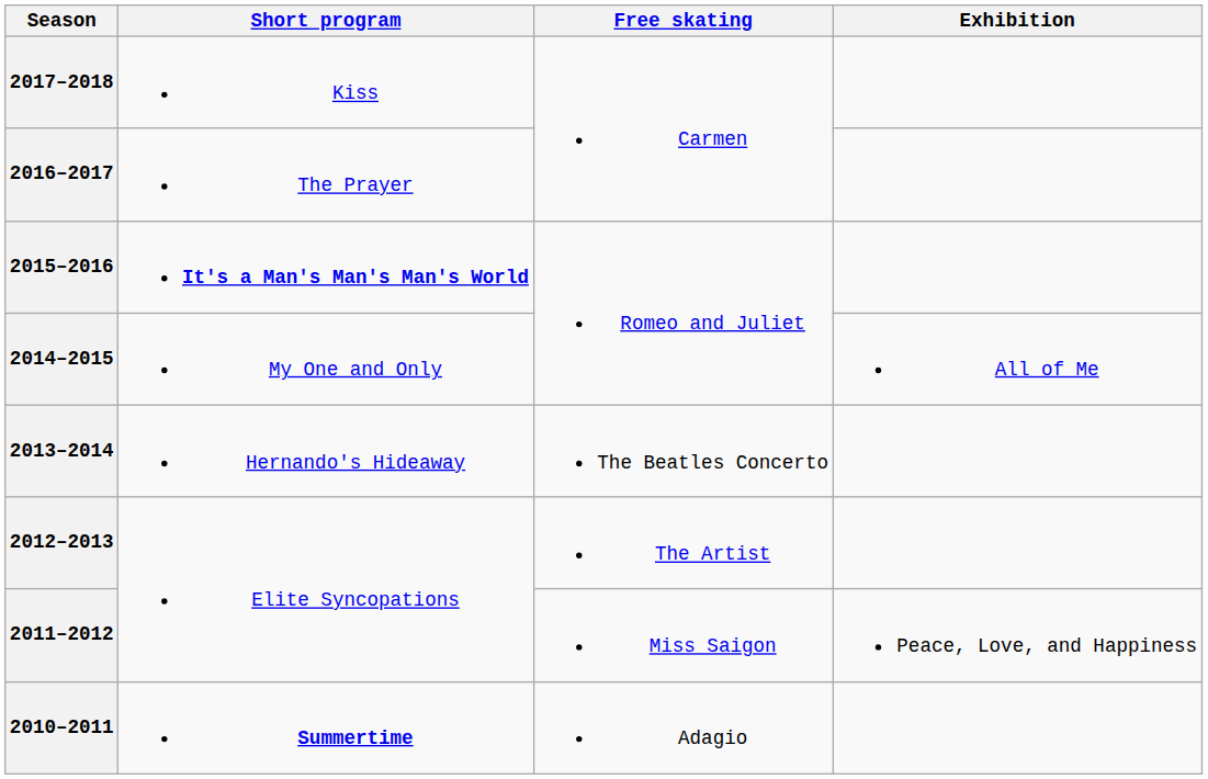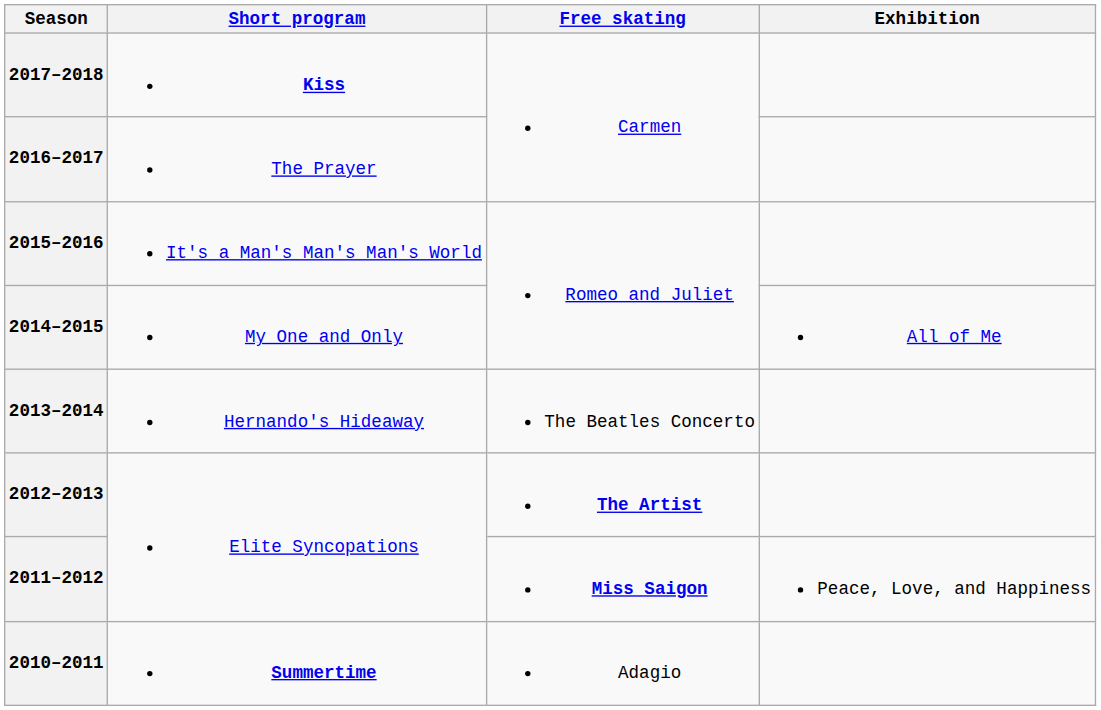 <table class=wikitable style=text-align:center>
 <tr>
 <th>Season</th>
 <th><a href='#'>Short program</a></th>
 <th><a href='#'>Free skating</a></th>
 <th>Exhibition</th>
 </tr>
 <tr>
 <th>2017–2018 <br> </th>
-<td><br><ul><li><a href='#'>Kiss</a> <br></li></ul></td>
+<td><strong><br><ul><li><a href='#'>Kiss</a> <br></li></ul></strong></td>
 <td rowspan=2><br><ul><li><a href='#'>Carmen</a> <br></li></ul></td>
 <td></td>
 </tr>
 <tr>
 <th>2016–2017 <br> </th>
 <td><br><ul><li><a href='#'>The Prayer</a> <br></li></ul></td>
 <td></td>
 </tr>
 <tr>
 <th>2015–2016 <br> </th>
-<td><strong><br><ul><li><a href='#'>It's a Man's Man's Man's World</a> <br></li></ul></strong></td>
+<td><br><ul><li><a href='#'>It's a Man's Man's Man's World</a> <br></li></ul></td>
 <td rowspan=2><br><ul><li><a href='#'>Romeo and Juliet</a> <br></li></ul></td>
 <td></td>
 </tr>
 <tr>
 <th>2014–2015 <br> </th>
 <td><br><ul><li><a href='#'>My One and Only</a> <br></li></ul></td>
 <td><br><ul><li><a href='#'>All of Me</a> <br></li></ul></td>
 </tr>
 <tr>
 <th>2013–2014 <br> </th>
 <td><br><ul><li><a href='#'>Hernando's Hideaway</a> <br></li></ul></td>
 <td><br><ul><li>The Beatles Concerto <br></li></ul></td>
 <td></td>
 </tr>
 <tr>
 <th>2012–2013 <br> </th>
 <td rowspan=2><br><ul><li><a href='#'>Elite Syncopations</a> <br></li></ul></td>
-<td><br><ul><li><a href='#'>The Artist</a> <br></li></ul></td>
+<td><strong><br><ul><li><a href='#'>The Artist</a> <br></li></ul></strong></td>
 <td></td>
 </tr>
 <tr>
 <th>2011–2012 <br> </th>
-<td><br><ul><li><a href='#'>Miss Saigon</a> <br></li></ul></td>
+<td><strong><br><ul><li><a href='#'>Miss Saigon</a> <br></li></ul></strong></td>
 <td><br><ul><li>Peace, Love, and Happiness <br></li></ul></td>
 </tr>
 <tr>
 <th>2010–2011 <br> </th>
 <td><strong><br><ul><li><a href='#'>Summertime</a> <br></li></ul></strong></td>
 <td><br><ul><li>Adagio <br></li></ul></td>
 <td></td>
 </tr>
 </table>
